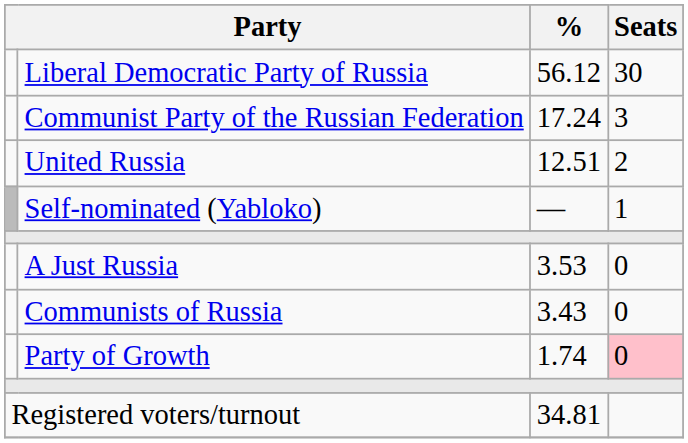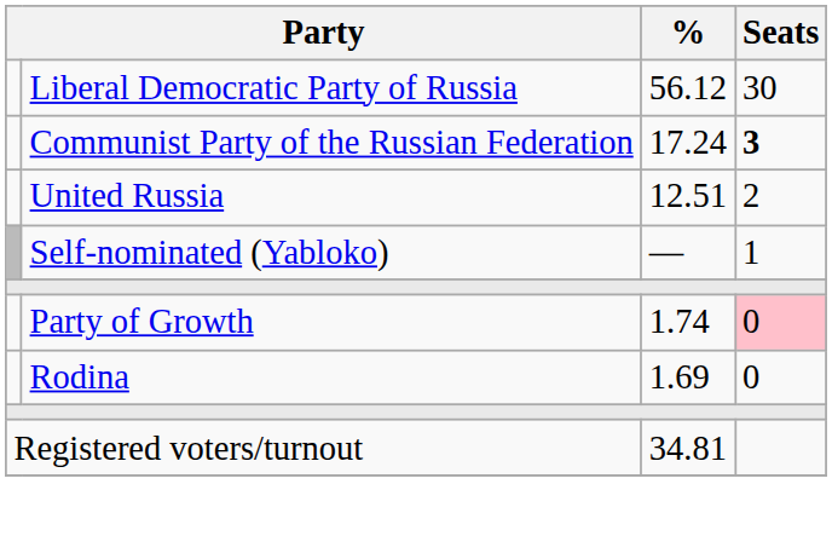 <table class="wikitable">
 <tr>
 <th colspan=2>Party</th>
 <th>%</th>
 <th>Seats</th>
 </tr>
 <tr>
 <td style="background:"></td>
 <td><a href='#'>Liberal Democratic Party of Russia</a></td>
 <td>56.12</td>
 <td>30</td>
 </tr>
 <tr>
 <td style="background:"></td>
 <td><a href='#'>Communist Party of the Russian Federation</a></td>
 <td>17.24</td>
-<td>3</td>
+<td><strong>3</strong></td>
 </tr>
 <tr>
 <td style="background:"></td>
 <td><a href='#'>United Russia</a></td>
 <td>12.51</td>
 <td>2</td>
 </tr>
 <tr>
 <td style="background:#BBBBBB;"></td>
 <td><a href='#'>Self-nominated</a> (<a href='#'>Yabloko</a>)</td>
 <td>—</td>
 <td>1</td>
 </tr>
 <tr>
 <td colspan=4 style="background:#E9E9E9;"></td>
 </tr>
 <tr>
 <td style="background:"></td>
-<td><a href='#'>A Just Russia</a></td>
-<td>3.53</td>
-<td>0</td>
+<td><a href='#'>Party of Growth</a></td>
+<td>1.74</td>
+<td style="background: pink;">0</td>
 </tr>
 <tr>
 <td style="background:"></td>
-<td><a href='#'>Communists of Russia</a></td>
-<td>3.43</td>
+<td><a href='#'>Rodina</a></td>
+<td>1.69</td>
 <td>0</td>
-</tr>
-<tr>
-<td style="background:"></td>
-<td><a href='#'>Party of Growth</a></td>
-<td>1.74</td>
-<td style="background: pink;">0</td>
 </tr>
 <tr>
 <td colspan=4 style="background:#E9E9E9;"></td>
 </tr>
 <tr>
 <td align=left colspan=2>Registered voters/turnout</td>
 <td>34.81</td>
 <td></td>
 </tr>
 <tr>
 </tr>
 </table>
